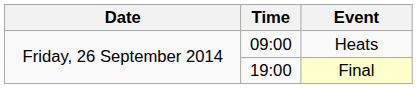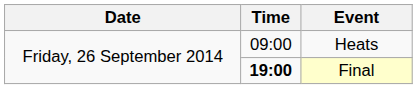 <table class = "wikitable" style="text-align:center;">
 <tr>
 <th width=220>Date</th>
 <th width=50>Time</th>
 <th width=100>Event</th>
 </tr>
 <tr>
 <td rowspan=2>Friday, 26 September 2014</td>
 <td>09:00</td>
 <td>Heats</td>
 </tr>
 <tr>
-<td>19:00</td>
+<td><strong>19:00</strong></td>
 <td bgcolor=ffffcc>Final</td>
 </tr>
 </table>
